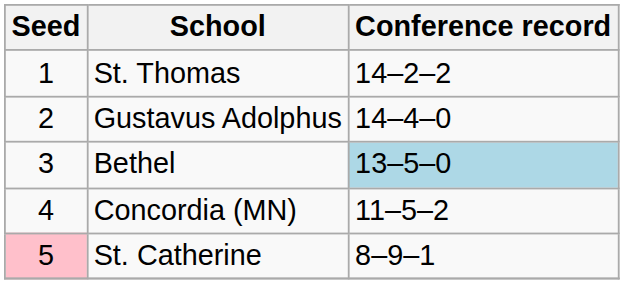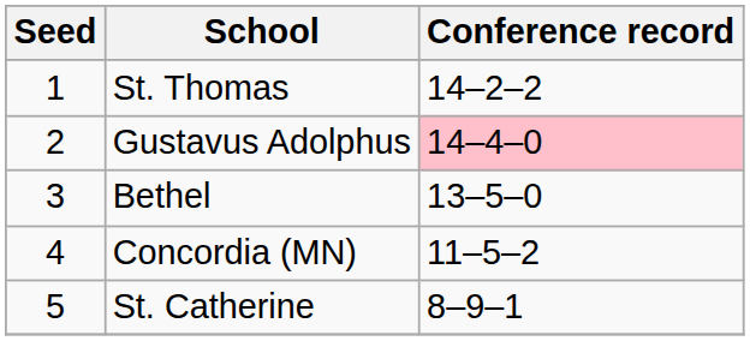 <table class="wikitable">
 <tr>
 <th>Seed</th>
 <th>School</th>
 <th>Conference record</th>
 </tr>
 <tr>
 <td align=center>1</td>
 <td>St. Thomas</td>
 <td>14–2–2</td>
 </tr>
 <tr>
 <td align=center>2</td>
 <td>Gustavus Adolphus</td>
-<td>14–4–0</td>
+<td style="background: pink;">14–4–0</td>
 </tr>
 <tr>
 <td align=center>3</td>
 <td>Bethel</td>
-<td style="background: lightblue;">13–5–0</td>
+<td>13–5–0</td>
 </tr>
 <tr>
 <td align=center>4</td>
 <td>Concordia (MN)</td>
 <td>11–5–2</td>
 </tr>
 <tr>
-<td align=center style="background: pink;">5</td>
+<td align=center>5</td>
 <td>St. Catherine</td>
 <td>8–9–1</td>
 </tr>
 <tr>
 </tr>
 </table>
